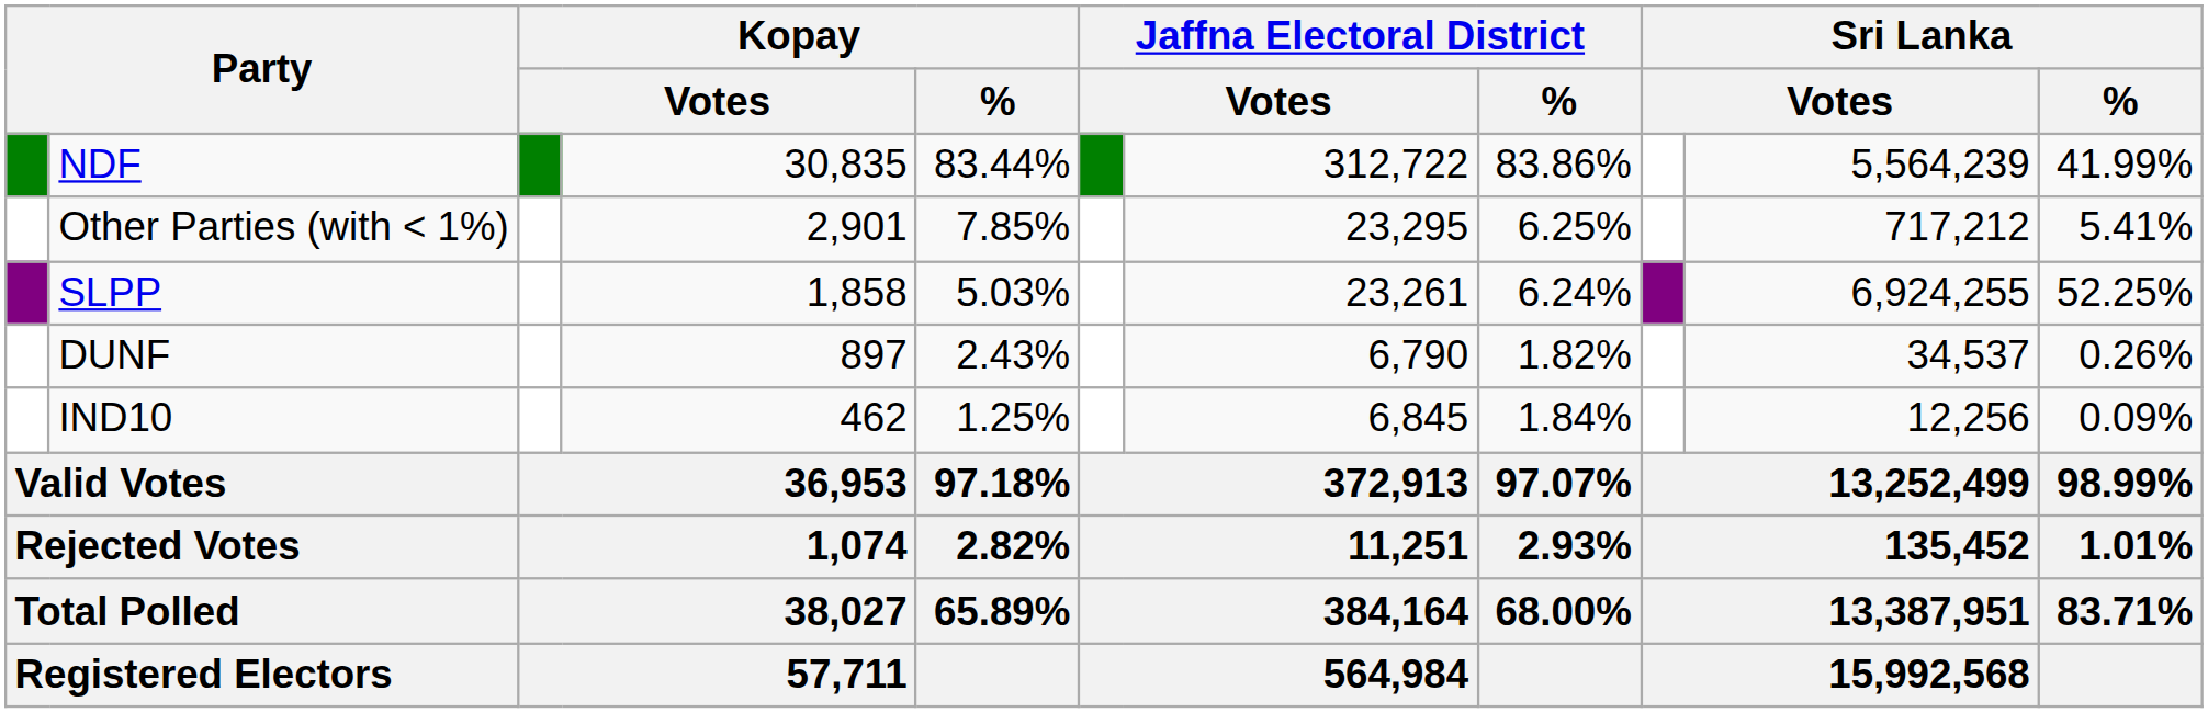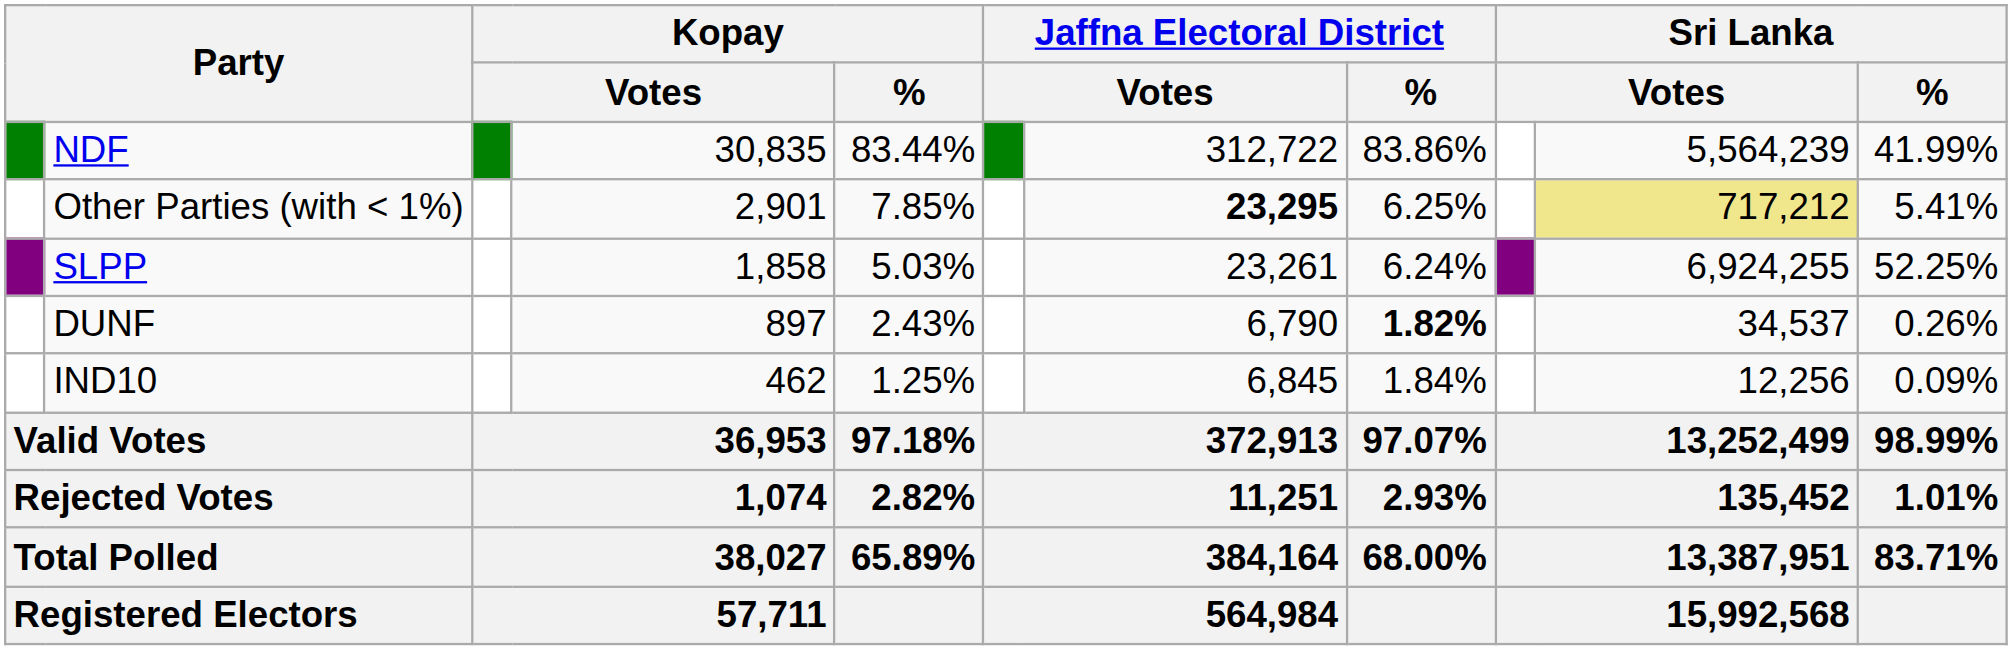 <table class="wikitable">
 <tr>
 <th colspan="2" width="144px"rowspan="2">Party</th>
 <th colspan="3" width="216px">Kopay</th>
 <th colspan="3" width="216px"><a href='#'>Jaffna Electoral District</a></th>
 <th colspan="3" width="216px">Sri Lanka</th>
 </tr>
 <tr>
 <th colspan="2" width="144px">Votes</th>
 <th>%</th>
 <th colspan="2" width="144px">Votes</th>
 <th>%</th>
 <th colspan="2" width="144px">Votes</th>
 <th>%</th>
 </tr>
 <tr>
 <td style="background-color:green;" width="10px"></td>
 <td style="text-align:left;"><a href='#'>NDF</a></td>
 <td style="background-color:green;" width="10px"></td>
 <td style="text-align:right;">30,835</td>
 <td style="text-align:right;">83.44%</td>
 <td style="background-color:green;" width="10px"></td>
 <td style="text-align:right;">312,722</td>
 <td style="text-align:right;">83.86%</td>
 <td style="background-color:white;" width="10px"></td>
 <td style="text-align:right;">5,564,239</td>
 <td style="text-align:right;">41.99%</td>
 </tr>
 <tr>
 <td style="background-color:white;" width="10px"></td>
 <td style="text-align:left;">Other Parties (with < 1%)</td>
 <td style="background-color:white;" width="10px"></td>
 <td style="text-align:right;">2,901</td>
 <td style="text-align:right;">7.85%</td>
 <td style="background-color:white;" width="10px"></td>
-<td style="text-align:right;">23,295</td>
+<td style="text-align:right;"><strong>23,295</strong></td>
 <td style="text-align:right;">6.25%</td>
 <td style="background-color:white;" width="10px"></td>
-<td style="text-align:right;">717,212</td>
+<td style="background: khaki; text-align:right;">717,212</td>
 <td style="text-align:right;">5.41%</td>
 </tr>
 <tr>
 <td style="background-color:purple;" width="10px"></td>
 <td style="text-align:left;"><a href='#'>SLPP</a></td>
 <td style="background-color:white;" width="10px"></td>
 <td style="text-align:right;">1,858</td>
 <td style="text-align:right;">5.03%</td>
 <td style="background-color:white;" width="10px"></td>
 <td style="text-align:right;">23,261</td>
 <td style="text-align:right;">6.24%</td>
 <td style="background-color:purple;" width="10px"></td>
 <td style="text-align:right;">6,924,255</td>
 <td style="text-align:right;">52.25%</td>
 </tr>
 <tr>
 <td style="background-color:white;" width="10px"></td>
 <td style="text-align:left;">DUNF</td>
 <td style="background-color:white;" width="10px"></td>
 <td style="text-align:right;">897</td>
 <td style="text-align:right;">2.43%</td>
 <td style="background-color:white;" width="10px"></td>
 <td style="text-align:right;">6,790</td>
-<td style="text-align:right;">1.82%</td>
+<td style="text-align:right;"><strong>1.82%</strong></td>
 <td style="background-color:white;" width="10px"></td>
 <td style="text-align:right;">34,537</td>
 <td style="text-align:right;">0.26%</td>
 </tr>
 <tr>
 <td style="background-color:white;" width="10px"></td>
 <td style="text-align:left;">IND10</td>
 <td style="background-color:white;" width="10px"></td>
 <td style="text-align:right;">462</td>
 <td style="text-align:right;">1.25%</td>
 <td style="background-color:white;" width="10px"></td>
 <td style="text-align:right;">6,845</td>
 <td style="text-align:right;">1.84%</td>
 <td style="background-color:white;" width="10px"></td>
 <td style="text-align:right;">12,256</td>
 <td style="text-align:right;">0.09%</td>
 </tr>
 <tr>
 <th colspan="2" width="144px"style="text-align:left;">Valid Votes</th>
 <th style="text-align:right;"colspan="2" width="144px">36,953</th>
 <th style="text-align:right;">97.18%</th>
 <th style="text-align:right;"colspan="2" width="144px">372,913</th>
 <th style="text-align:right;">97.07%</th>
 <th style="text-align:right;"colspan="2" width="144px">13,252,499</th>
 <th style="text-align:right;">98.99%</th>
 </tr>
 <tr>
 <th colspan="2" width="144px"style="text-align:left;">Rejected Votes</th>
 <th style="text-align:right;"colspan="2" width="144px">1,074</th>
 <th style="text-align:right;">2.82%</th>
 <th style="text-align:right;"colspan="2" width="144px">11,251</th>
 <th style="text-align:right;">2.93%</th>
 <th style="text-align:right;"colspan="2" width="144px">135,452</th>
 <th style="text-align:right;">1.01%</th>
 </tr>
 <tr>
 <th colspan="2" width="144px"style="text-align:left;">Total Polled</th>
 <th style="text-align:right;"colspan="2" width="144px">38,027</th>
 <th style="text-align:right;">65.89%</th>
 <th style="text-align:right;"colspan="2" width="144px">384,164</th>
 <th style="text-align:right;">68.00%</th>
 <th style="text-align:right;"colspan="2" width="144px">13,387,951</th>
 <th style="text-align:right;">83.71%</th>
 </tr>
 <tr>
 <th colspan="2" width="144px"style="text-align:left;">Registered Electors</th>
 <th style="text-align:right;"colspan="2" width="144px">57,711</th>
 <th></th>
 <th style="text-align:right;"colspan="2" width="144px">564,984</th>
 <th></th>
 <th style="text-align:right;"colspan="2" width="144px">15,992,568</th>
 <th></th>
 </tr>
 </table>
